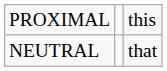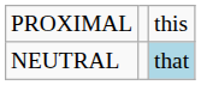 <table class="wikitable">
 <tr>
 <td>PROXIMAL</td>
 <td></td>
 <td>this</td>
 </tr>
 <tr>
 <td>NEUTRAL</td>
 <td></td>
-<td>that</td>
+<td style="background: lightblue;">that</td>
 </tr>
 </table>
